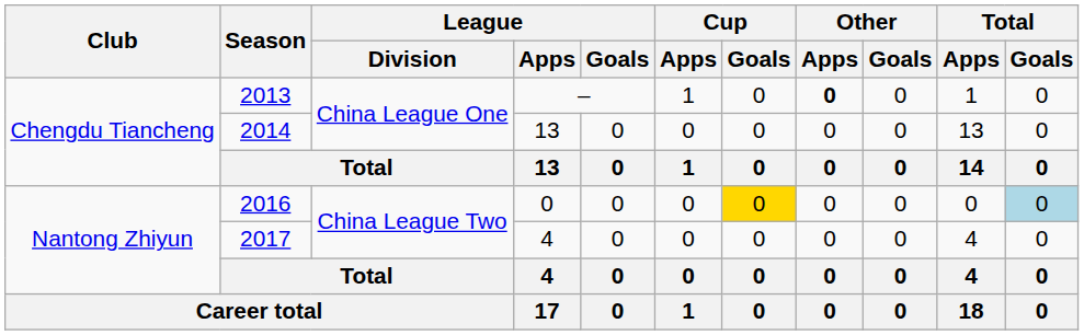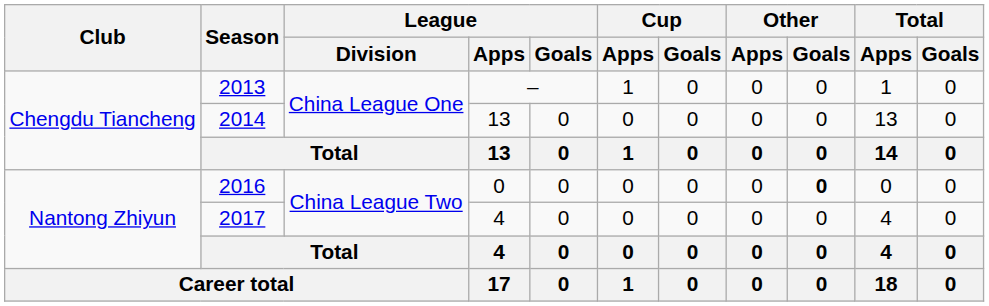 <table class="wikitable" style="text-align: center">
 <tr>
 <th rowspan="2">Club</th>
 <th rowspan="2">Season</th>
 <th colspan="3">League</th>
 <th colspan="2">Cup</th>
 <th colspan="2">Other</th>
 <th colspan="2">Total</th>
 </tr>
 <tr>
 <th>Division</th>
 <th>Apps</th>
 <th>Goals</th>
 <th>Apps</th>
 <th>Goals</th>
 <th>Apps</th>
 <th>Goals</th>
 <th>Apps</th>
 <th>Goals</th>
 </tr>
 <tr>
 <td rowspan="3"><a href='#'>Chengdu Tiancheng</a></td>
 <td><a href='#'>2013</a></td>
 <td rowspan="2"><a href='#'>China League One</a></td>
 <td colspan="2">–</td>
 <td>1</td>
 <td>0</td>
-<td><strong>0</strong></td>
+<td>0</td>
 <td>0</td>
 <td>1</td>
 <td>0</td>
 </tr>
 <tr>
 <td><a href='#'>2014</a></td>
 <td>13</td>
 <td>0</td>
 <td>0</td>
 <td>0</td>
 <td>0</td>
 <td>0</td>
 <td>13</td>
 <td>0</td>
 </tr>
 <tr>
 <th colspan=2>Total</th>
 <th>13</th>
 <th>0</th>
 <th>1</th>
 <th>0</th>
 <th>0</th>
 <th>0</th>
 <th>14</th>
 <th>0</th>
 </tr>
 <tr>
 <td rowspan="3"><a href='#'>Nantong Zhiyun</a></td>
 <td><a href='#'>2016</a></td>
 <td rowspan="2"><a href='#'>China League Two</a></td>
 <td>0</td>
 <td>0</td>
 <td>0</td>
-<td style="background: gold;">0</td>
 <td>0</td>
 <td>0</td>
+<td><strong>0</strong></td>
 <td>0</td>
-<td style="background: lightblue;">0</td>
+<td>0</td>
 </tr>
 <tr>
 <td><a href='#'>2017</a></td>
 <td>4</td>
 <td>0</td>
 <td>0</td>
 <td>0</td>
 <td>0</td>
 <td>0</td>
 <td>4</td>
 <td>0</td>
 </tr>
 <tr>
 <th colspan=2>Total</th>
 <th>4</th>
 <th>0</th>
 <th>0</th>
 <th>0</th>
 <th>0</th>
 <th>0</th>
 <th>4</th>
 <th>0</th>
 </tr>
 <tr>
 <th colspan=3>Career total</th>
 <th>17</th>
 <th>0</th>
 <th>1</th>
 <th>0</th>
 <th>0</th>
 <th>0</th>
 <th>18</th>
 <th>0</th>
 </tr>
 </table>
